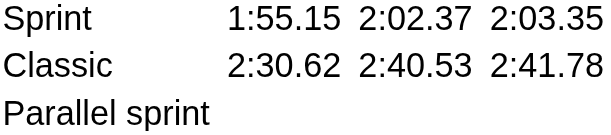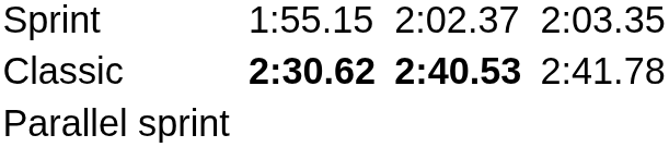 <table>
 <tr>
 <td>Sprint</td>
 <td></td>
 <td>1:55.15</td>
 <td></td>
 <td>2:02.37</td>
 <td></td>
 <td>2:03.35</td>
 </tr>
 <tr>
 <td>Classic</td>
 <td></td>
-<td>2:30.62</td>
+<td><strong>2:30.62</strong></td>
 <td></td>
-<td>2:40.53</td>
+<td><strong>2:40.53</strong></td>
 <td></td>
 <td>2:41.78</td>
 </tr>
 <tr>
 <td>Parallel sprint</td>
 <td colspan="2"></td>
 <td colspan="2"></td>
 <td colspan="2"></td>
 </tr>
 </table>
